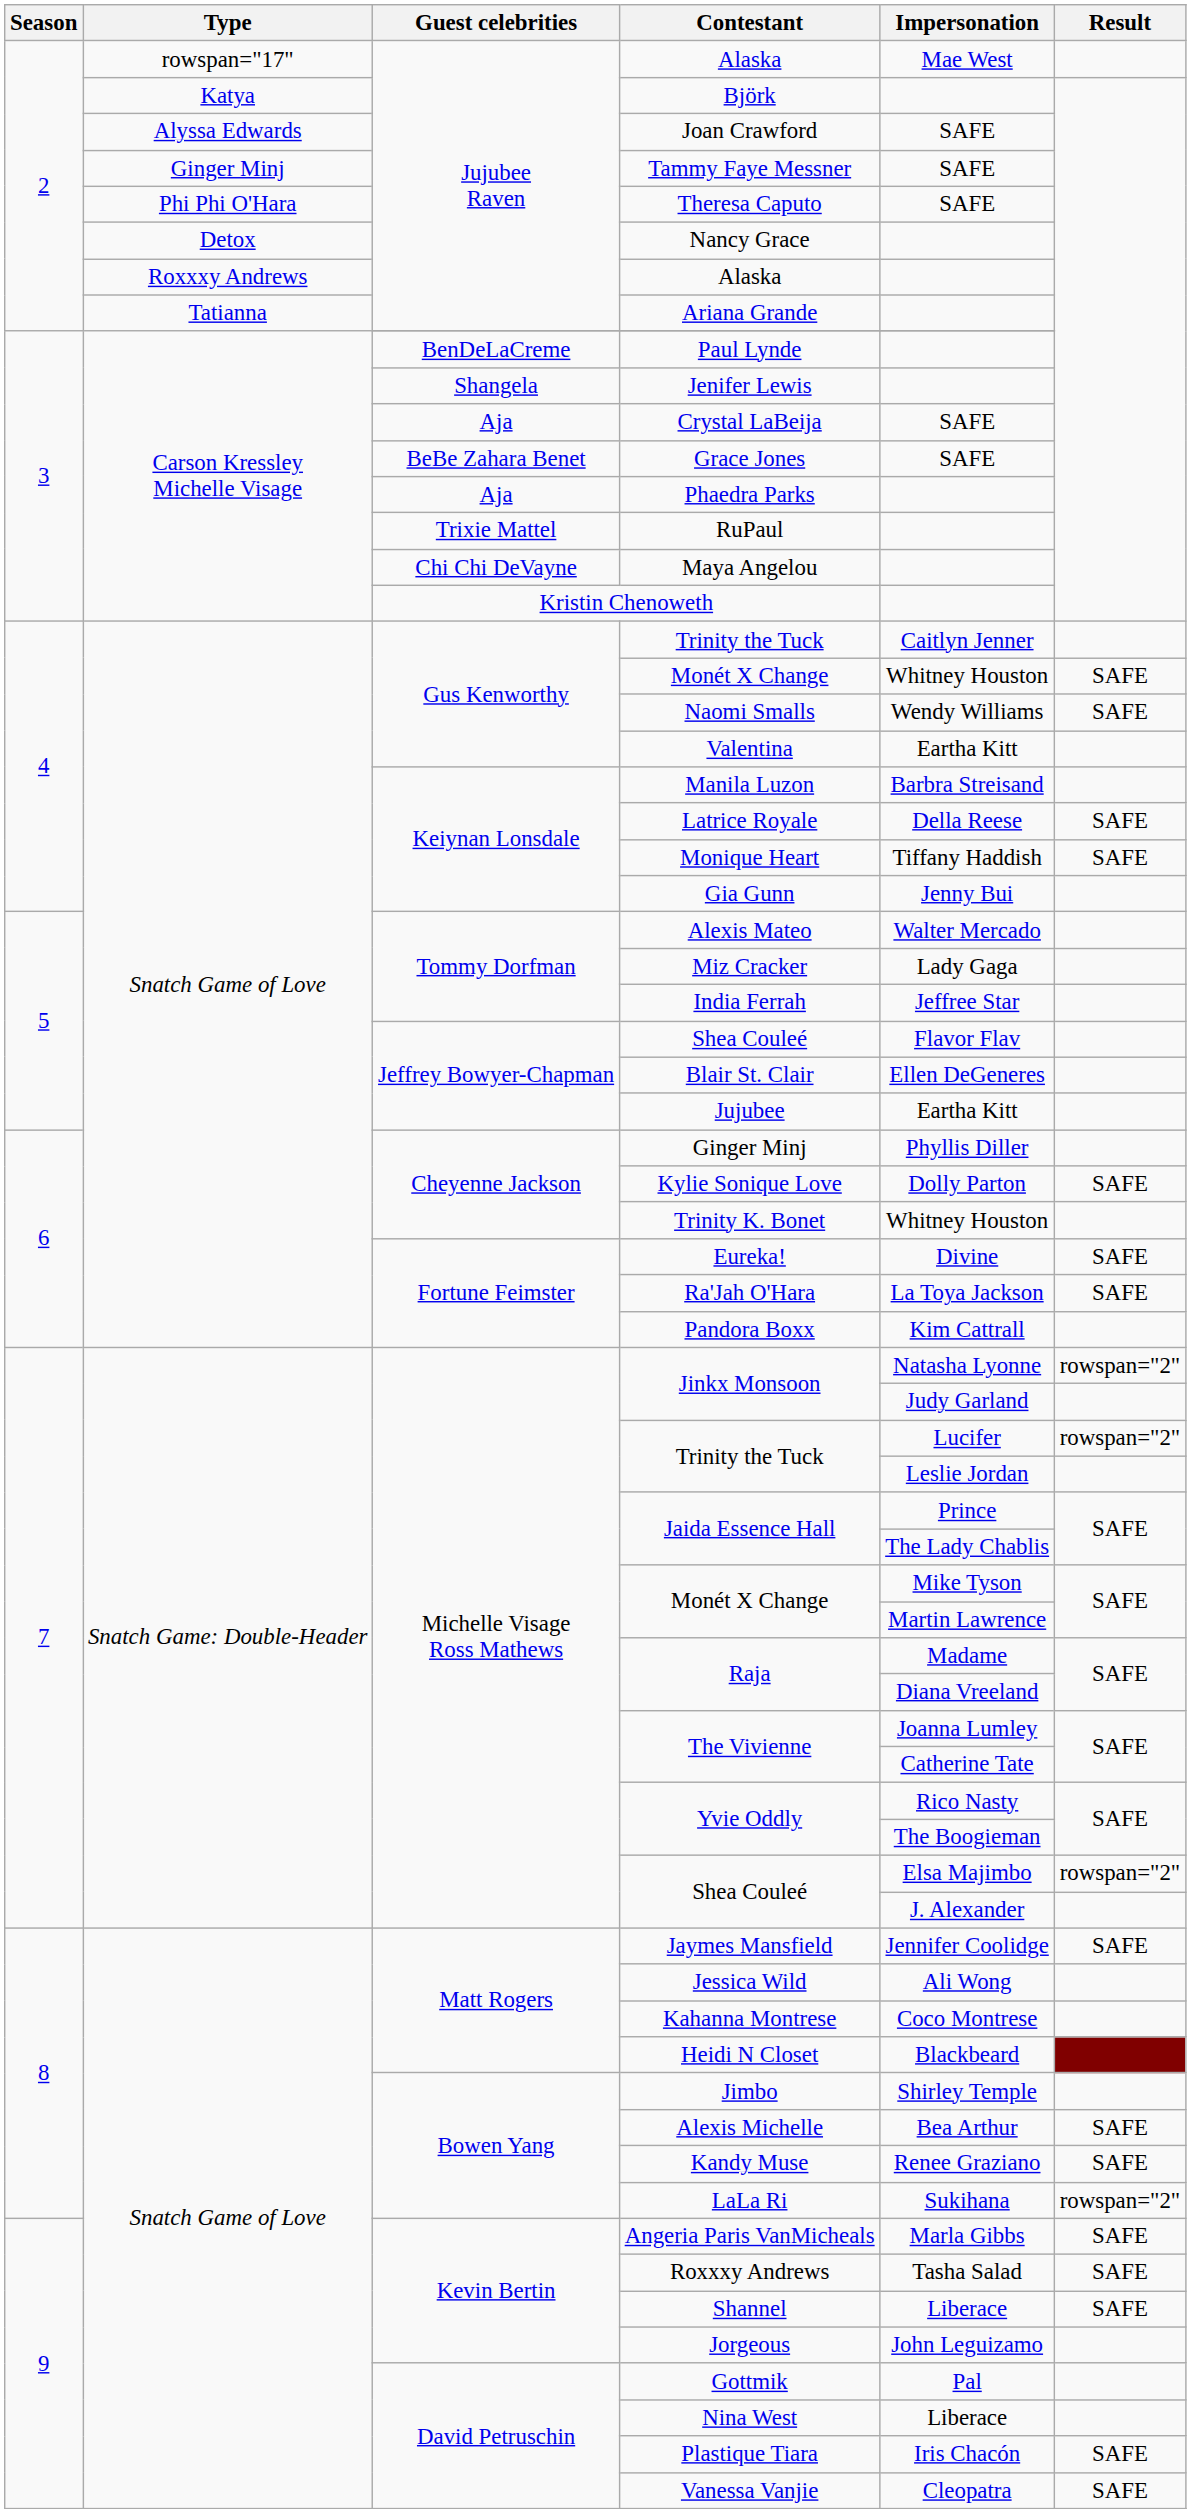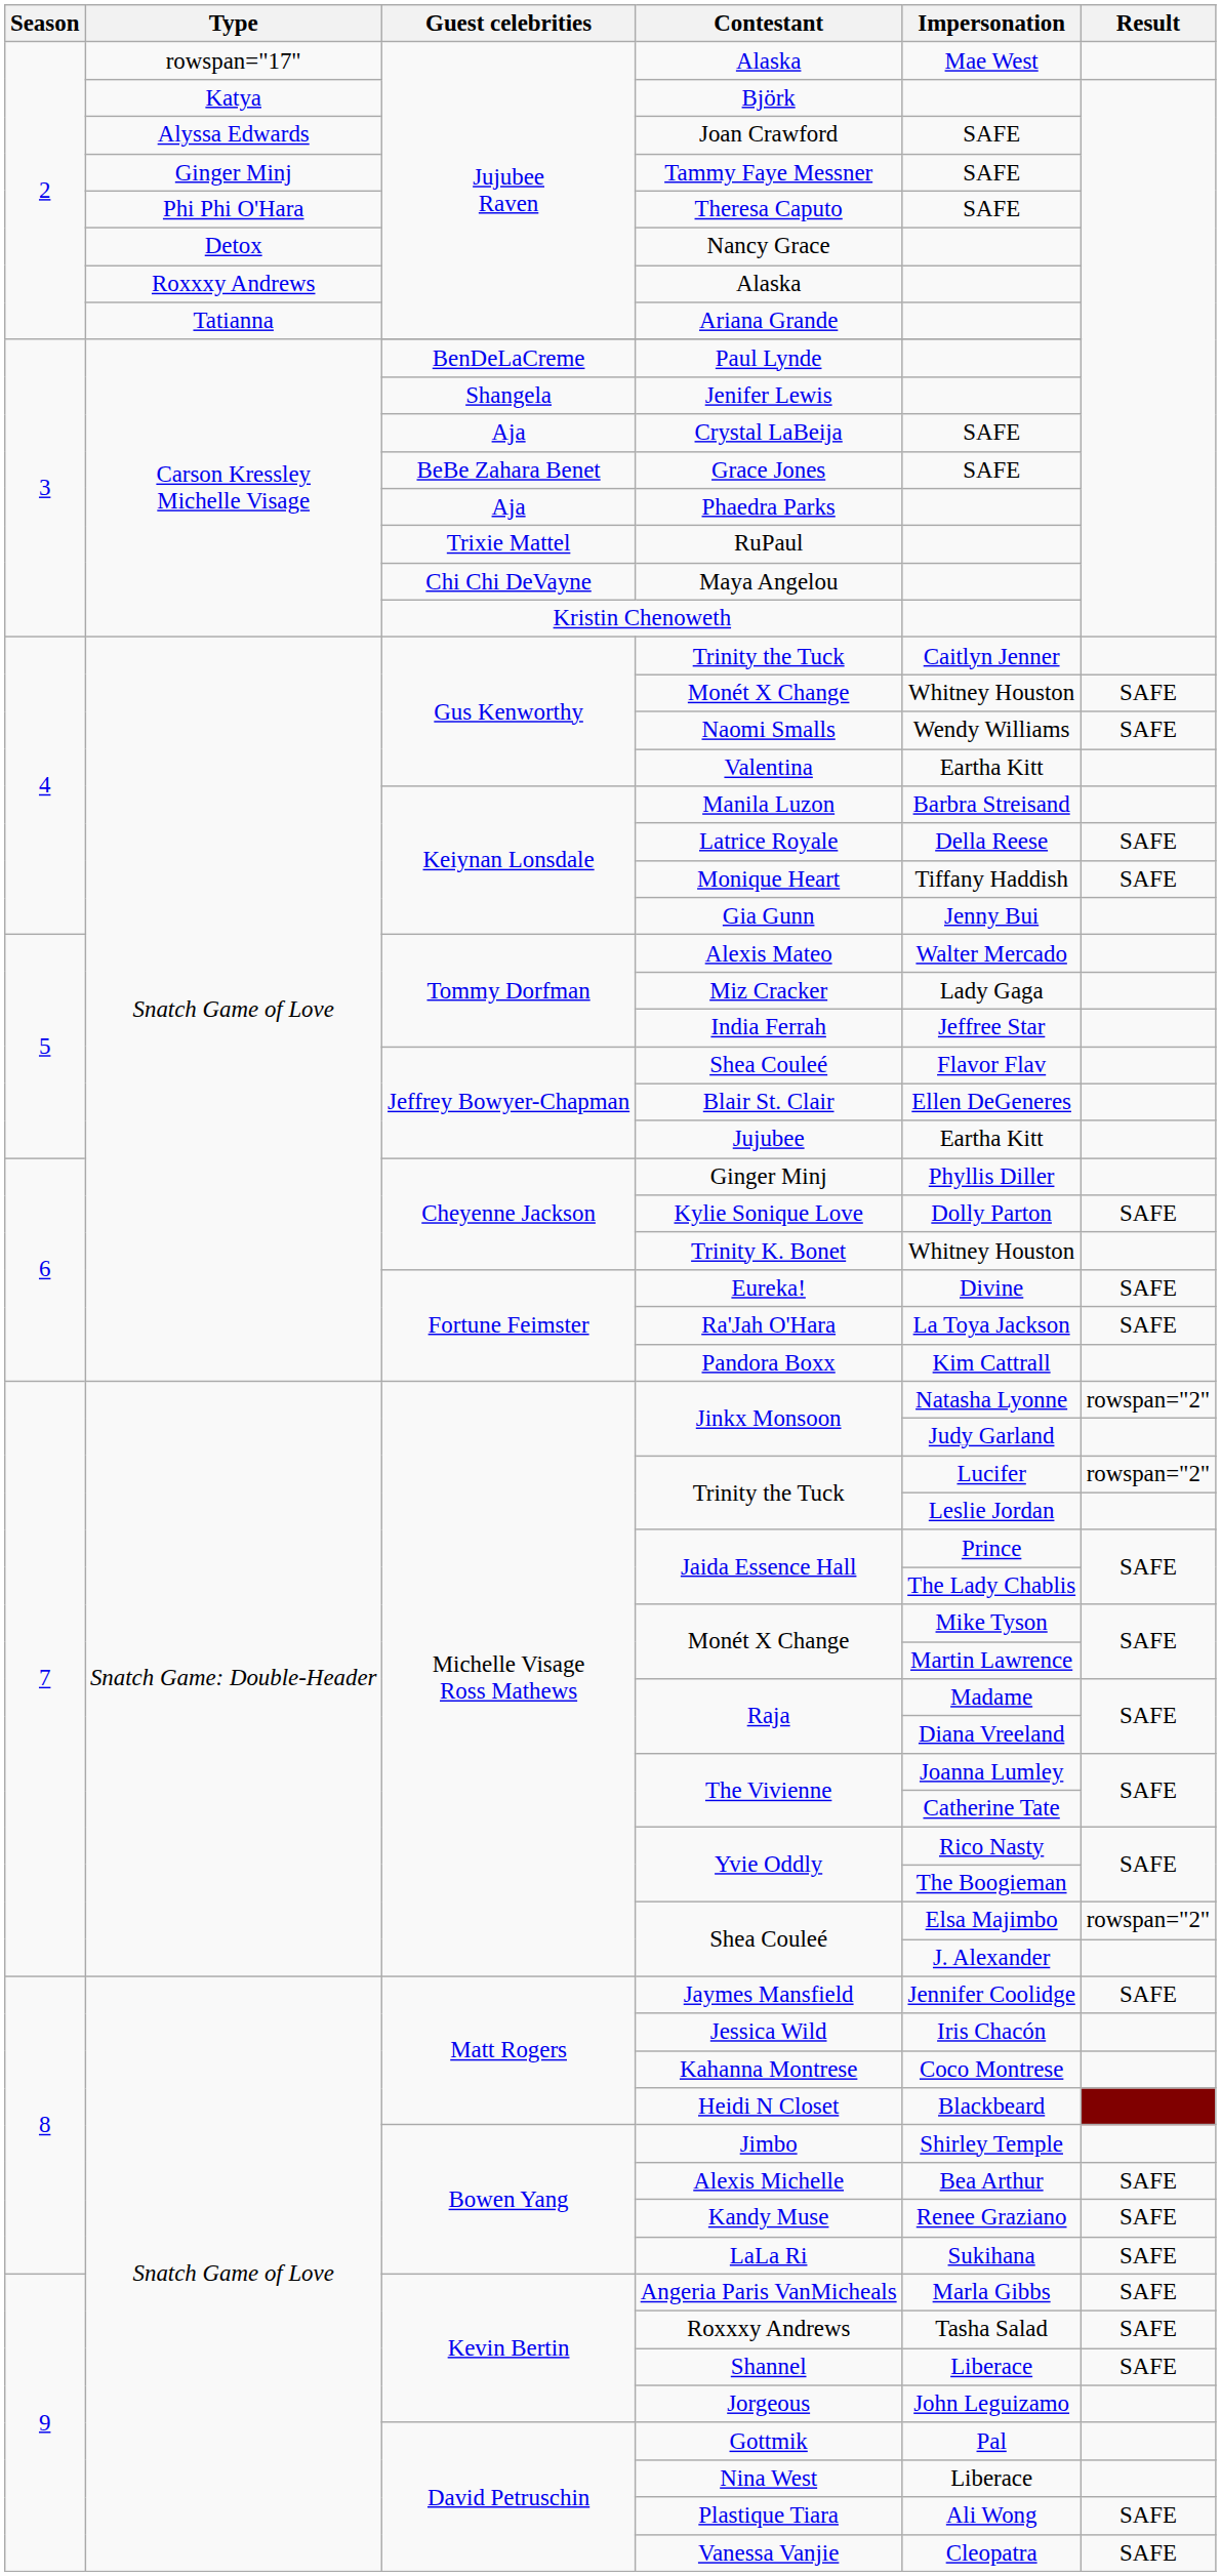 <table class="wikitable" style="text-align:center">
 <tr>
 <th>Season</th>
 <th>Type</th>
 <th>Guest celebrities</th>
 <th>Contestant</th>
 <th>Impersonation</th>
 <th>Result</th>
 </tr>
 <tr>
 <td rowspan="8"><a href='#'>2</a></td>
 <td>rowspan="17" </td>
 <td rowspan="8"><a href='#'>Jujubee</a><br><a href='#'>Raven</a></td>
 <td><a href='#'>Alaska</a></td>
 <td><a href='#'>Mae West</a></td>
 <td></td>
 </tr>
 <tr>
 <td><a href='#'>Katya</a></td>
 <td><a href='#'>Björk</a></td>
 <td></td>
 </tr>
 <tr>
 <td><a href='#'>Alyssa Edwards</a></td>
 <td>Joan Crawford</td>
 <td>SAFE</td>
 </tr>
 <tr>
 <td><a href='#'>Ginger Minj</a></td>
 <td nowrap><a href='#'>Tammy Faye Messner</a></td>
 <td>SAFE</td>
 </tr>
 <tr>
 <td><a href='#'>Phi Phi O'Hara</a></td>
 <td><a href='#'>Theresa Caputo</a></td>
 <td>SAFE</td>
 </tr>
 <tr>
 <td><a href='#'>Detox</a></td>
 <td>Nancy Grace</td>
 <td></td>
 </tr>
 <tr>
 <td><a href='#'>Roxxxy Andrews</a></td>
 <td>Alaska</td>
 <td></td>
 </tr>
 <tr>
 <td><a href='#'>Tatianna</a></td>
 <td><a href='#'>Ariana Grande</a></td>
 <td></td>
 </tr>
 <tr>
 <td rowspan="9"><a href='#'>3</a></td>
 <td rowspan="9"><a href='#'>Carson Kressley</a><br><a href='#'>Michelle Visage</a></td>
 </tr>
 <tr>
 <td><a href='#'>BenDeLaCreme</a></td>
 <td><a href='#'>Paul Lynde</a></td>
 <td></td>
 </tr>
 <tr>
 <td><a href='#'>Shangela</a></td>
 <td><a href='#'>Jenifer Lewis</a></td>
 <td></td>
 </tr>
 <tr>
 <td><a href='#'>Aja</a></td>
 <td><a href='#'>Crystal LaBeija</a></td>
 <td>SAFE</td>
 </tr>
 <tr>
 <td><a href='#'>BeBe Zahara Benet</a></td>
 <td><a href='#'>Grace Jones</a></td>
 <td>SAFE</td>
 </tr>
 <tr>
 <td><a href='#'>Aja</a></td>
 <td><a href='#'>Phaedra Parks</a></td>
 <td></td>
 </tr>
 <tr>
 <td><a href='#'>Trixie Mattel</a></td>
 <td>RuPaul</td>
 <td></td>
 </tr>
 <tr>
 <td><a href='#'>Chi Chi DeVayne</a></td>
 <td>Maya Angelou</td>
 <td></td>
 </tr>
 <tr>
 <td colspan="2"><a href='#'>Kristin Chenoweth</a></td>
 <td></td>
 </tr>
 <tr>
 <td rowspan="8"><a href='#'>4</a></td>
 <td rowspan="20"><em>Snatch Game of Love</em></td>
 <td rowspan="4"><a href='#'>Gus Kenworthy</a></td>
 <td><a href='#'>Trinity the Tuck</a></td>
 <td><a href='#'>Caitlyn Jenner</a></td>
 <td></td>
 </tr>
 <tr>
 <td><a href='#'>Monét X Change</a></td>
 <td>Whitney Houston</td>
 <td>SAFE</td>
 </tr>
 <tr>
 <td><a href='#'>Naomi Smalls</a></td>
 <td>Wendy Williams</td>
 <td>SAFE</td>
 </tr>
 <tr>
 <td><a href='#'>Valentina</a></td>
 <td>Eartha Kitt</td>
 <td></td>
 </tr>
 <tr>
 <td rowspan="4"><a href='#'>Keiynan Lonsdale</a></td>
 <td><a href='#'>Manila Luzon</a></td>
 <td><a href='#'>Barbra Streisand</a></td>
 <td></td>
 </tr>
 <tr>
 <td><a href='#'>Latrice Royale</a></td>
 <td><a href='#'>Della Reese</a></td>
 <td>SAFE</td>
 </tr>
 <tr>
 <td><a href='#'>Monique Heart</a></td>
 <td>Tiffany Haddish</td>
 <td>SAFE</td>
 </tr>
 <tr>
 <td><a href='#'>Gia Gunn</a></td>
 <td><a href='#'>Jenny Bui</a></td>
 <td></td>
 </tr>
 <tr>
 <td rowspan="6"><a href='#'>5</a></td>
 <td rowspan="3"><a href='#'>Tommy Dorfman</a></td>
 <td><a href='#'>Alexis Mateo</a></td>
 <td><a href='#'>Walter Mercado</a></td>
 <td></td>
 </tr>
 <tr>
 <td><a href='#'>Miz Cracker</a></td>
 <td>Lady Gaga</td>
 <td></td>
 </tr>
 <tr>
 <td><a href='#'>India Ferrah</a></td>
 <td><a href='#'>Jeffree Star</a></td>
 <td></td>
 </tr>
 <tr>
 <td rowspan="3"><a href='#'>Jeffrey Bowyer-Chapman</a></td>
 <td><a href='#'>Shea Couleé</a></td>
 <td><a href='#'>Flavor Flav</a></td>
 <td></td>
 </tr>
 <tr>
 <td><a href='#'>Blair St. Clair</a></td>
 <td><a href='#'>Ellen DeGeneres</a></td>
 <td></td>
 </tr>
 <tr>
 <td><a href='#'>Jujubee</a></td>
 <td>Eartha Kitt</td>
 <td></td>
 </tr>
 <tr>
 <td rowspan="6"><a href='#'>6</a></td>
 <td rowspan="3"><a href='#'>Cheyenne Jackson</a></td>
 <td>Ginger Minj</td>
 <td><a href='#'>Phyllis Diller</a></td>
 <td></td>
 </tr>
 <tr>
 <td><a href='#'>Kylie Sonique Love</a></td>
 <td><a href='#'>Dolly Parton</a></td>
 <td>SAFE</td>
 </tr>
 <tr>
 <td><a href='#'>Trinity K. Bonet</a></td>
 <td>Whitney Houston</td>
 <td></td>
 </tr>
 <tr>
 <td rowspan="3"><a href='#'>Fortune Feimster</a></td>
 <td><a href='#'>Eureka!</a></td>
 <td><a href='#'>Divine</a></td>
 <td>SAFE</td>
 </tr>
 <tr>
 <td><a href='#'>Ra'Jah O'Hara</a></td>
 <td><a href='#'>La Toya Jackson</a></td>
 <td>SAFE</td>
 </tr>
 <tr>
 <td><a href='#'>Pandora Boxx</a></td>
 <td><a href='#'>Kim Cattrall</a></td>
 <td></td>
 </tr>
 <tr>
 <td rowspan="16"><a href='#'>7</a></td>
 <td rowspan="16"><em>Snatch Game: Double-Header</em></td>
 <td rowspan="16">Michelle Visage<br><a href='#'>Ross Mathews</a></td>
 <td rowspan="2"><a href='#'>Jinkx Monsoon</a></td>
 <td><a href='#'>Natasha Lyonne</a></td>
 <td>rowspan="2" </td>
 </tr>
 <tr>
 <td><a href='#'>Judy Garland</a></td>
 </tr>
 <tr>
 <td rowspan="2">Trinity the Tuck</td>
 <td><a href='#'>Lucifer</a></td>
 <td>rowspan="2" </td>
 </tr>
 <tr>
 <td><a href='#'>Leslie Jordan</a></td>
 </tr>
 <tr>
 <td rowspan="2"><a href='#'>Jaida Essence Hall</a></td>
 <td><a href='#'>Prince</a></td>
 <td rowspan="2">SAFE</td>
 </tr>
 <tr>
 <td><a href='#'>The Lady Chablis</a></td>
 </tr>
 <tr>
 <td rowspan="2">Monét X Change</td>
 <td><a href='#'>Mike Tyson</a></td>
 <td rowspan="2">SAFE</td>
 </tr>
 <tr>
 <td><a href='#'>Martin Lawrence</a></td>
 </tr>
 <tr>
 <td rowspan="2"><a href='#'>Raja</a></td>
 <td><a href='#'>Madame</a></td>
 <td rowspan="2">SAFE</td>
 </tr>
 <tr>
 <td><a href='#'>Diana Vreeland</a></td>
 </tr>
 <tr>
 <td rowspan="2"><a href='#'>The Vivienne</a></td>
 <td><a href='#'>Joanna Lumley</a></td>
 <td rowspan="2">SAFE</td>
 </tr>
 <tr>
 <td><a href='#'>Catherine Tate</a></td>
 </tr>
 <tr>
 <td rowspan="2"><a href='#'>Yvie Oddly</a></td>
 <td><a href='#'>Rico Nasty</a></td>
 <td rowspan="2">SAFE</td>
 </tr>
 <tr>
 <td><a href='#'>The Boogieman</a></td>
 </tr>
 <tr>
 <td rowspan="2">Shea Couleé</td>
 <td><a href='#'>Elsa Majimbo</a></td>
 <td>rowspan="2" </td>
 </tr>
 <tr>
 <td><a href='#'>J. Alexander</a></td>
 </tr>
 <tr>
 <td rowspan="8"><a href='#'>8</a></td>
 <td rowspan="16"><em>Snatch Game of Love</em></td>
 <td rowspan="4"><a href='#'>Matt Rogers</a></td>
 <td><a href='#'>Jaymes Mansfield</a></td>
 <td><a href='#'>Jennifer Coolidge</a></td>
 <td>SAFE</td>
 </tr>
 <tr>
 <td><a href='#'>Jessica Wild</a></td>
-<td><a href='#'>Ali Wong</a></td>
+<td><a href='#'>Iris Chacón</a></td>
 <td></td>
 </tr>
 <tr>
 <td><a href='#'>Kahanna Montrese</a></td>
 <td><a href='#'>Coco Montrese</a></td>
 <td></td>
 </tr>
 <tr>
 <td><a href='#'>Heidi N Closet</a></td>
 <td><a href='#'>Blackbeard</a></td>
 <td bgcolor="maroon"></td>
 </tr>
 <tr>
 <td rowspan="4"><a href='#'>Bowen Yang</a></td>
 <td><a href='#'>Jimbo</a></td>
 <td><a href='#'>Shirley Temple</a></td>
 <td></td>
 </tr>
 <tr>
 <td><a href='#'>Alexis Michelle</a></td>
 <td><a href='#'>Bea Arthur</a></td>
 <td>SAFE</td>
 </tr>
 <tr>
 <td><a href='#'>Kandy Muse</a></td>
 <td><a href='#'>Renee Graziano</a></td>
 <td>SAFE</td>
 </tr>
 <tr>
 <td><a href='#'>LaLa Ri</a></td>
 <td><a href='#'>Sukihana</a></td>
-<td>rowspan="2" </td>
+<td>SAFE</td>
 </tr>
 <tr>
 <td rowspan="8"><a href='#'>9</a></td>
 <td rowspan="4"><a href='#'>Kevin Bertin</a></td>
 <td nowrap><a href='#'>Angeria Paris VanMicheals</a></td>
 <td><a href='#'>Marla Gibbs</a></td>
 <td>SAFE</td>
 </tr>
 <tr>
 <td>Roxxxy Andrews</td>
 <td>Tasha Salad</td>
 <td>SAFE</td>
 </tr>
 <tr>
 <td><a href='#'>Shannel</a></td>
 <td><a href='#'>Liberace</a></td>
 <td>SAFE</td>
 </tr>
 <tr>
 <td><a href='#'>Jorgeous</a></td>
 <td><a href='#'>John Leguizamo</a></td>
 <td></td>
 </tr>
 <tr>
 <td rowspan="4"><a href='#'>David Petruschin</a></td>
 <td><a href='#'>Gottmik</a></td>
 <td><a href='#'>Pal</a></td>
 <td></td>
 </tr>
 <tr>
 <td><a href='#'>Nina West</a></td>
 <td>Liberace</td>
 <td></td>
 </tr>
 <tr>
 <td><a href='#'>Plastique Tiara</a></td>
-<td><a href='#'>Iris Chacón</a></td>
+<td><a href='#'>Ali Wong</a></td>
 <td>SAFE</td>
 </tr>
 <tr>
 <td><a href='#'>Vanessa Vanjie</a></td>
 <td><a href='#'>Cleopatra</a></td>
 <td>SAFE</td>
 </tr>
 <tr>
 </tr>
 </table>
